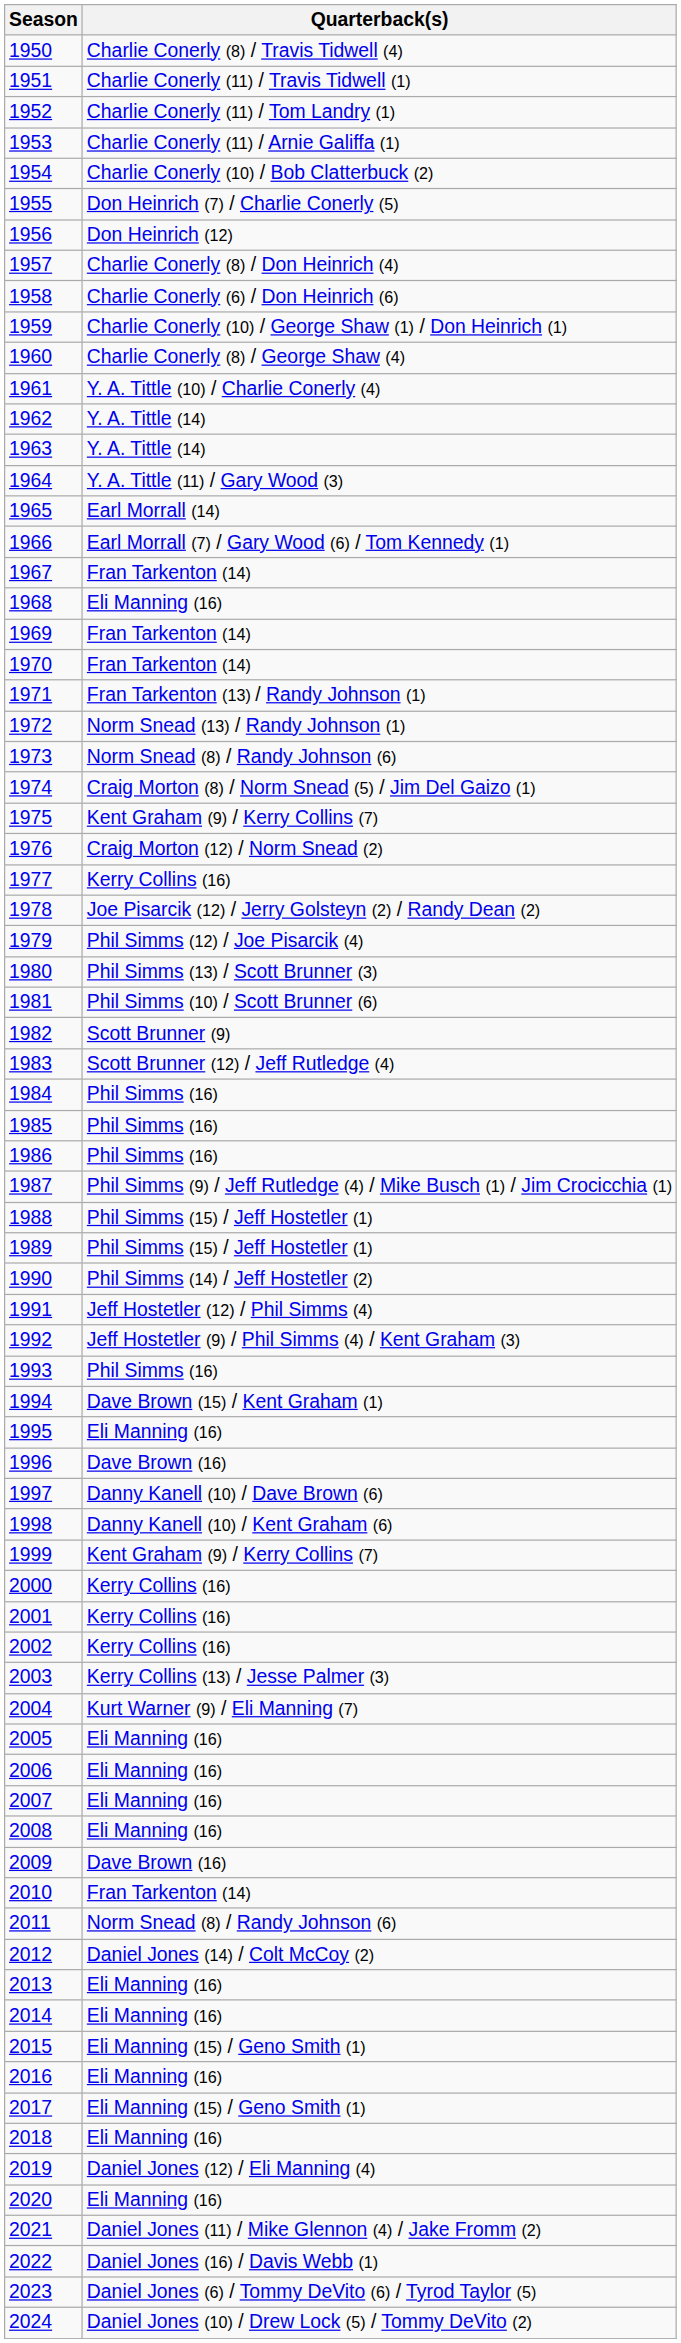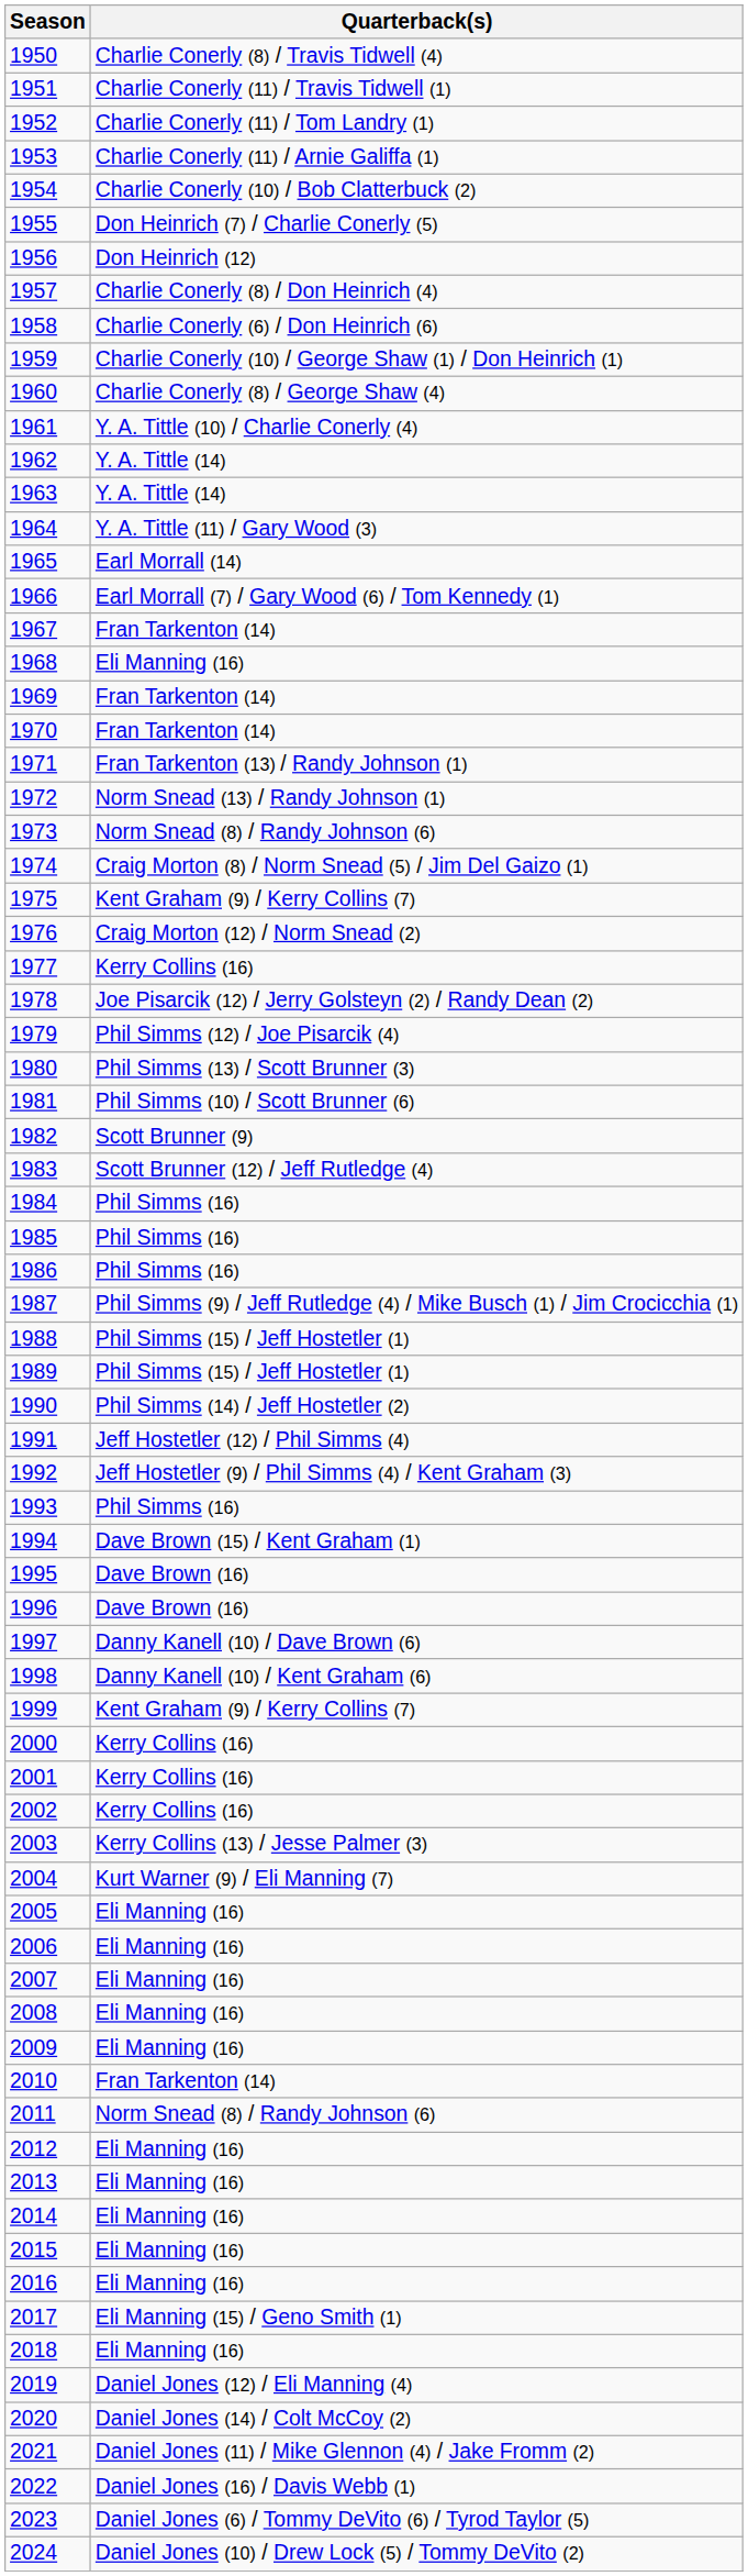 <table class="wikitable">
 <tr>
 <th>Season</th>
 <th>Quarterback(s)</th>
 </tr>
 <tr>
 <td><a href='#'>1950</a></td>
 <td><a href='#'>Charlie Conerly</a> <small>(8)</small> / <a href='#'>Travis Tidwell</a> <small>(4)</small></td>
 </tr>
 <tr>
 <td><a href='#'>1951</a></td>
 <td><a href='#'>Charlie Conerly</a> <small>(11)</small> / <a href='#'>Travis Tidwell</a> <small>(1)</small></td>
 </tr>
 <tr>
 <td><a href='#'>1952</a></td>
 <td><a href='#'>Charlie Conerly</a> <small>(11)</small> / <a href='#'>Tom Landry</a> <small>(1)</small></td>
 </tr>
 <tr>
 <td><a href='#'>1953</a></td>
 <td><a href='#'>Charlie Conerly</a> <small>(11)</small> / <a href='#'>Arnie Galiffa</a> <small>(1)</small></td>
 </tr>
 <tr>
 <td><a href='#'>1954</a></td>
 <td><a href='#'>Charlie Conerly</a> <small>(10)</small> / <a href='#'>Bob Clatterbuck</a> <small>(2)</small></td>
 </tr>
 <tr>
 <td><a href='#'>1955</a></td>
 <td><a href='#'>Don Heinrich</a> <small>(7)</small> / <a href='#'>Charlie Conerly</a> <small>(5)</small></td>
 </tr>
 <tr>
 <td><a href='#'>1956</a></td>
 <td><a href='#'>Don Heinrich</a> <small>(12)</small></td>
 </tr>
 <tr>
 <td><a href='#'>1957</a></td>
 <td><a href='#'>Charlie Conerly</a> <small>(8)</small> / <a href='#'>Don Heinrich</a> <small>(4)</small></td>
 </tr>
 <tr>
 <td><a href='#'>1958</a></td>
 <td><a href='#'>Charlie Conerly</a> <small>(6)</small> / <a href='#'>Don Heinrich</a> <small>(6)</small></td>
 </tr>
 <tr>
 <td><a href='#'>1959</a></td>
 <td><a href='#'>Charlie Conerly</a> <small>(10)</small> / <a href='#'>George Shaw</a> <small>(1)</small> / <a href='#'>Don Heinrich</a> <small>(1)</small></td>
 </tr>
 <tr>
 <td><a href='#'>1960</a></td>
 <td><a href='#'>Charlie Conerly</a> <small>(8)</small> / <a href='#'>George Shaw</a> <small>(4)</small></td>
 </tr>
 <tr>
 <td><a href='#'>1961</a></td>
 <td><a href='#'>Y. A. Tittle</a> <small>(10)</small> / <a href='#'>Charlie Conerly</a> <small>(4)</small></td>
 </tr>
 <tr>
 <td><a href='#'>1962</a></td>
 <td><a href='#'>Y. A. Tittle</a> <small>(14)</small></td>
 </tr>
 <tr>
 <td><a href='#'>1963</a></td>
 <td><a href='#'>Y. A. Tittle</a> <small>(14)</small></td>
 </tr>
 <tr>
 <td><a href='#'>1964</a></td>
 <td><a href='#'>Y. A. Tittle</a> <small>(11)</small> / <a href='#'>Gary Wood</a> <small>(3)</small></td>
 </tr>
 <tr>
 <td><a href='#'>1965</a></td>
 <td><a href='#'>Earl Morrall</a> <small>(14)</small></td>
 </tr>
 <tr>
 <td><a href='#'>1966</a></td>
 <td><a href='#'>Earl Morrall</a> <small>(7)</small> / <a href='#'>Gary Wood</a> <small>(6)</small> / <a href='#'>Tom Kennedy</a> <small>(1)</small></td>
 </tr>
 <tr>
 <td><a href='#'>1967</a></td>
 <td><a href='#'>Fran Tarkenton</a> <small>(14)</small></td>
 </tr>
 <tr>
 <td><a href='#'>1968</a></td>
 <td><a href='#'>Eli Manning</a> <small>(16)</small></td>
 </tr>
 <tr>
 <td><a href='#'>1969</a></td>
 <td><a href='#'>Fran Tarkenton</a> <small>(14)</small></td>
 </tr>
 <tr>
 <td><a href='#'>1970</a></td>
 <td><a href='#'>Fran Tarkenton</a> <small>(14)</small></td>
 </tr>
 <tr>
 <td><a href='#'>1971</a></td>
 <td><a href='#'>Fran Tarkenton</a> <small>(13) </small> / <a href='#'>Randy Johnson</a> <small>(1)</small></td>
 </tr>
 <tr>
 <td><a href='#'>1972</a></td>
 <td><a href='#'>Norm Snead</a> <small>(13)</small> / <a href='#'>Randy Johnson</a> <small>(1)</small></td>
 </tr>
 <tr>
 <td><a href='#'>1973</a></td>
 <td><a href='#'>Norm Snead</a> <small>(8)</small> / <a href='#'>Randy Johnson</a> <small>(6)</small></td>
 </tr>
 <tr>
 <td><a href='#'>1974</a></td>
 <td><a href='#'>Craig Morton</a> <small>(8)</small> / <a href='#'>Norm Snead</a> <small>(5)</small> / <a href='#'>Jim Del Gaizo</a> <small>(1)</small></td>
 </tr>
 <tr>
 <td><a href='#'>1975</a></td>
 <td><a href='#'>Kent Graham</a> <small>(9)</small> / <a href='#'>Kerry Collins</a> <small>(7)</small></td>
 </tr>
 <tr>
 <td><a href='#'>1976</a></td>
 <td><a href='#'>Craig Morton</a> <small>(12)</small> / <a href='#'>Norm Snead</a> <small>(2)</small></td>
 </tr>
 <tr>
 <td><a href='#'>1977</a></td>
 <td><a href='#'>Kerry Collins</a> <small>(16)</small></td>
 </tr>
 <tr>
 <td><a href='#'>1978</a></td>
 <td><a href='#'>Joe Pisarcik</a> <small>(12)</small> / <a href='#'>Jerry Golsteyn</a> <small>(2)</small> / <a href='#'>Randy Dean</a> <small>(2)</small></td>
 </tr>
 <tr>
 <td><a href='#'>1979</a></td>
 <td><a href='#'>Phil Simms</a> <small>(12)</small> / <a href='#'>Joe Pisarcik</a> <small>(4)</small></td>
 </tr>
 <tr>
 <td><a href='#'>1980</a></td>
 <td><a href='#'>Phil Simms</a> <small>(13)</small> / <a href='#'>Scott Brunner</a> <small>(3)</small></td>
 </tr>
 <tr>
 <td><a href='#'>1981</a></td>
 <td><a href='#'>Phil Simms</a> <small>(10)</small> / <a href='#'>Scott Brunner</a> <small>(6)</small></td>
 </tr>
 <tr>
 <td><a href='#'>1982</a></td>
 <td><a href='#'>Scott Brunner</a> <small>(9)</small></td>
 </tr>
 <tr>
 <td><a href='#'>1983</a></td>
 <td><a href='#'>Scott Brunner</a> <small>(12)</small> / <a href='#'>Jeff Rutledge</a> <small>(4)</small></td>
 </tr>
 <tr>
 <td><a href='#'>1984</a></td>
 <td><a href='#'>Phil Simms</a> <small>(16)</small></td>
 </tr>
 <tr>
 <td><a href='#'>1985</a></td>
 <td><a href='#'>Phil Simms</a> <small>(16)</small></td>
 </tr>
 <tr>
 <td><a href='#'>1986</a></td>
 <td><a href='#'>Phil Simms</a> <small>(16)</small></td>
 </tr>
 <tr>
 <td><a href='#'>1987</a></td>
 <td><a href='#'>Phil Simms</a> <small>(9)</small> / <a href='#'>Jeff Rutledge</a> <small>(4)</small> / <a href='#'>Mike Busch</a> <small>(1)</small> / <a href='#'>Jim Crocicchia</a> <small>(1)</small></td>
 </tr>
 <tr>
 <td><a href='#'>1988</a></td>
 <td><a href='#'>Phil Simms</a> <small>(15)</small> / <a href='#'>Jeff Hostetler</a> <small>(1)</small></td>
 </tr>
 <tr>
 <td><a href='#'>1989</a></td>
 <td><a href='#'>Phil Simms</a> <small>(15)</small> / <a href='#'>Jeff Hostetler</a> <small>(1)</small></td>
 </tr>
 <tr>
 <td><a href='#'>1990</a></td>
 <td><a href='#'>Phil Simms</a> <small>(14)</small> / <a href='#'>Jeff Hostetler</a> <small>(2)</small></td>
 </tr>
 <tr>
 <td><a href='#'>1991</a></td>
 <td><a href='#'>Jeff Hostetler</a> <small>(12)</small> / <a href='#'>Phil Simms</a> <small>(4)</small></td>
 </tr>
 <tr>
 <td><a href='#'>1992</a></td>
 <td><a href='#'>Jeff Hostetler</a> <small>(9)</small> / <a href='#'>Phil Simms</a> <small>(4)</small> / <a href='#'>Kent Graham</a> <small>(3)</small></td>
 </tr>
 <tr>
 <td><a href='#'>1993</a></td>
 <td><a href='#'>Phil Simms</a> <small>(16)</small></td>
 </tr>
 <tr>
 <td><a href='#'>1994</a></td>
 <td><a href='#'>Dave Brown</a> <small>(15)</small> / <a href='#'>Kent Graham</a> <small>(1)</small></td>
 </tr>
 <tr>
 <td><a href='#'>1995</a></td>
-<td><a href='#'>Eli Manning</a> <small>(16)</small></td>
+<td><a href='#'>Dave Brown</a> <small>(16)</small></td>
 </tr>
 <tr>
 <td><a href='#'>1996</a></td>
 <td><a href='#'>Dave Brown</a> <small>(16)</small></td>
 </tr>
 <tr>
 <td><a href='#'>1997</a></td>
 <td><a href='#'>Danny Kanell</a> <small>(10)</small> / <a href='#'>Dave Brown</a> <small>(6)</small></td>
 </tr>
 <tr>
 <td><a href='#'>1998</a></td>
 <td><a href='#'>Danny Kanell</a> <small>(10)</small> / <a href='#'>Kent Graham</a> <small>(6)</small></td>
 </tr>
 <tr>
 <td><a href='#'>1999</a></td>
 <td><a href='#'>Kent Graham</a> <small>(9)</small> / <a href='#'>Kerry Collins</a> <small>(7)</small></td>
 </tr>
 <tr>
 <td><a href='#'>2000</a></td>
 <td><a href='#'>Kerry Collins</a> <small>(16)</small></td>
 </tr>
 <tr>
 <td><a href='#'>2001</a></td>
 <td><a href='#'>Kerry Collins</a> <small>(16)</small></td>
 </tr>
 <tr>
 <td><a href='#'>2002</a></td>
 <td><a href='#'>Kerry Collins</a> <small>(16)</small></td>
 </tr>
 <tr>
 <td><a href='#'>2003</a></td>
 <td><a href='#'>Kerry Collins</a> <small>(13)</small> / <a href='#'>Jesse Palmer</a> <small>(3)</small></td>
 </tr>
 <tr>
 <td><a href='#'>2004</a></td>
 <td><a href='#'>Kurt Warner</a> <small>(9)</small> / <a href='#'>Eli Manning</a> <small>(7)</small></td>
 </tr>
 <tr>
 <td><a href='#'>2005</a></td>
 <td><a href='#'>Eli Manning</a> <small>(16)</small></td>
 </tr>
 <tr>
 <td><a href='#'>2006</a></td>
 <td><a href='#'>Eli Manning</a> <small>(16)</small></td>
 </tr>
 <tr>
 <td><a href='#'>2007</a></td>
 <td><a href='#'>Eli Manning</a> <small>(16)</small></td>
 </tr>
 <tr>
 <td><a href='#'>2008</a></td>
 <td><a href='#'>Eli Manning</a> <small>(16)</small></td>
 </tr>
 <tr>
 <td><a href='#'>2009</a></td>
-<td><a href='#'>Dave Brown</a> <small>(16)</small></td>
+<td><a href='#'>Eli Manning</a> <small>(16)</small></td>
 </tr>
 <tr>
 <td><a href='#'>2010</a></td>
 <td><a href='#'>Fran Tarkenton</a> <small>(14)</small></td>
 </tr>
 <tr>
 <td><a href='#'>2011</a></td>
 <td><a href='#'>Norm Snead</a> <small>(8)</small> / <a href='#'>Randy Johnson</a> <small>(6)</small></td>
 </tr>
 <tr>
 <td><a href='#'>2012</a></td>
-<td><a href='#'>Daniel Jones</a> <small>(14)</small> / <a href='#'>Colt McCoy</a> <small>(2)</small></td>
+<td><a href='#'>Eli Manning</a> <small>(16)</small></td>
 </tr>
 <tr>
 <td><a href='#'>2013</a></td>
 <td><a href='#'>Eli Manning</a> <small>(16)</small></td>
 </tr>
 <tr>
 <td><a href='#'>2014</a></td>
 <td><a href='#'>Eli Manning</a> <small>(16)</small></td>
 </tr>
 <tr>
 <td><a href='#'>2015</a></td>
-<td><a href='#'>Eli Manning</a> <small>(15)</small> / <a href='#'>Geno Smith</a> <small>(1)</small></td>
+<td><a href='#'>Eli Manning</a> <small>(16)</small></td>
 </tr>
 <tr>
 <td><a href='#'>2016</a></td>
 <td><a href='#'>Eli Manning</a> <small>(16)</small></td>
 </tr>
 <tr>
 <td><a href='#'>2017</a></td>
 <td><a href='#'>Eli Manning</a> <small>(15)</small> / <a href='#'>Geno Smith</a> <small>(1)</small></td>
 </tr>
 <tr>
 <td><a href='#'>2018</a></td>
 <td><a href='#'>Eli Manning</a> <small>(16)</small></td>
 </tr>
 <tr>
 <td><a href='#'>2019</a></td>
 <td><a href='#'>Daniel Jones</a> <small>(12)</small> / <a href='#'>Eli Manning</a> <small>(4)</small></td>
 </tr>
 <tr>
 <td><a href='#'>2020</a></td>
-<td><a href='#'>Eli Manning</a> <small>(16)</small></td>
+<td><a href='#'>Daniel Jones</a> <small>(14)</small> / <a href='#'>Colt McCoy</a> <small>(2)</small></td>
 </tr>
 <tr>
 <td><a href='#'>2021</a></td>
 <td><a href='#'>Daniel Jones</a> <small>(11)</small> / <a href='#'>Mike Glennon</a> <small>(4)</small> / <a href='#'>Jake Fromm</a> <small>(2)</small></td>
 </tr>
 <tr>
 <td><a href='#'>2022</a></td>
 <td><a href='#'>Daniel Jones</a> <small>(16)</small> / <a href='#'>Davis Webb</a> <small>(1)</small></td>
 </tr>
 <tr>
 <td><a href='#'>2023</a></td>
 <td><a href='#'>Daniel Jones</a> <small>(6)</small> / <a href='#'>Tommy DeVito</a> <small>(6)</small> / <a href='#'>Tyrod Taylor</a> <small>(5)</small></td>
 </tr>
 <tr>
 <td><a href='#'>2024</a></td>
 <td><a href='#'>Daniel Jones</a> <small>(10)</small> / <a href='#'>Drew Lock</a> <small>(5)</small> / <a href='#'>Tommy DeVito</a> <small>(2)</small></td>
 </tr>
 </table>
